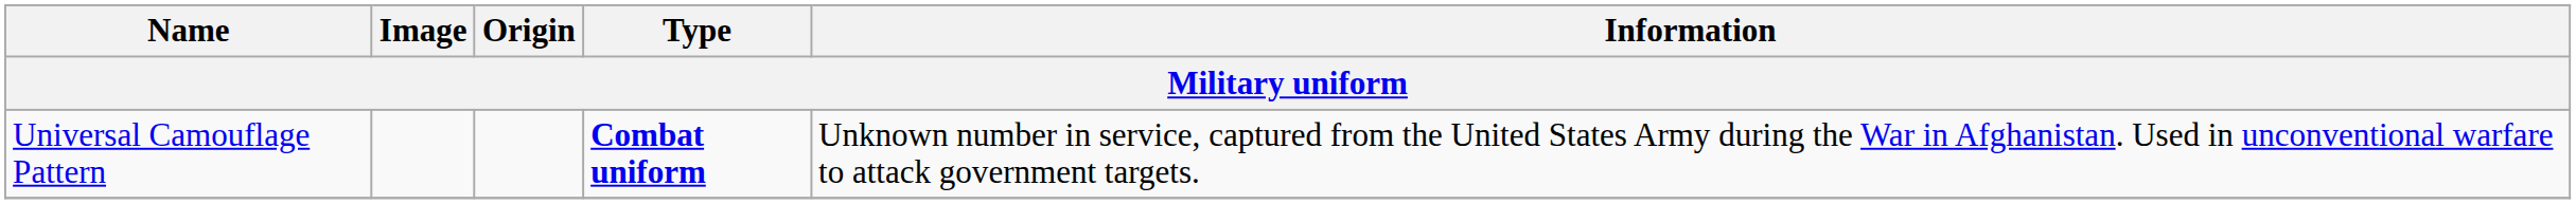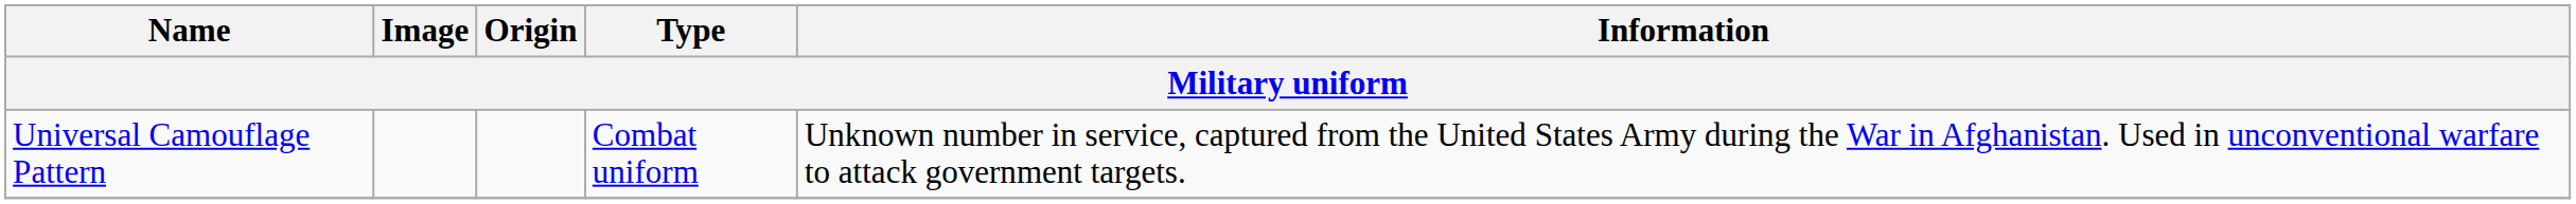 <table class="wikitable">
 <tr>
 <th>Name</th>
 <th>Image</th>
 <th>Origin</th>
 <th>Type</th>
 <th>Information</th>
 </tr>
 <tr>
 <th colspan="6"><a href='#'>Military uniform</a></th>
 </tr>
 <tr>
 <td><a href='#'>Universal Camouflage Pattern</a></td>
 <td></td>
 <td></td>
-<td><strong><a href='#'>Combat uniform</a></strong></td>
+<td><a href='#'>Combat uniform</a></td>
 <td>Unknown number in service, captured from the United States Army during the <a href='#'>War in Afghanistan</a>. Used in <a href='#'>unconventional warfare</a> to attack government targets.</td>
 </tr>
 <tr>
 </tr>
 </table>
